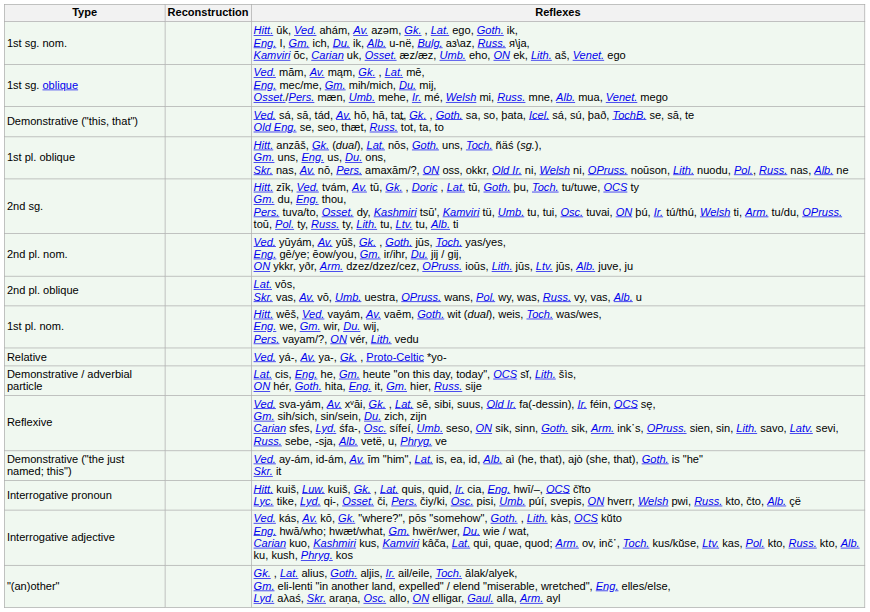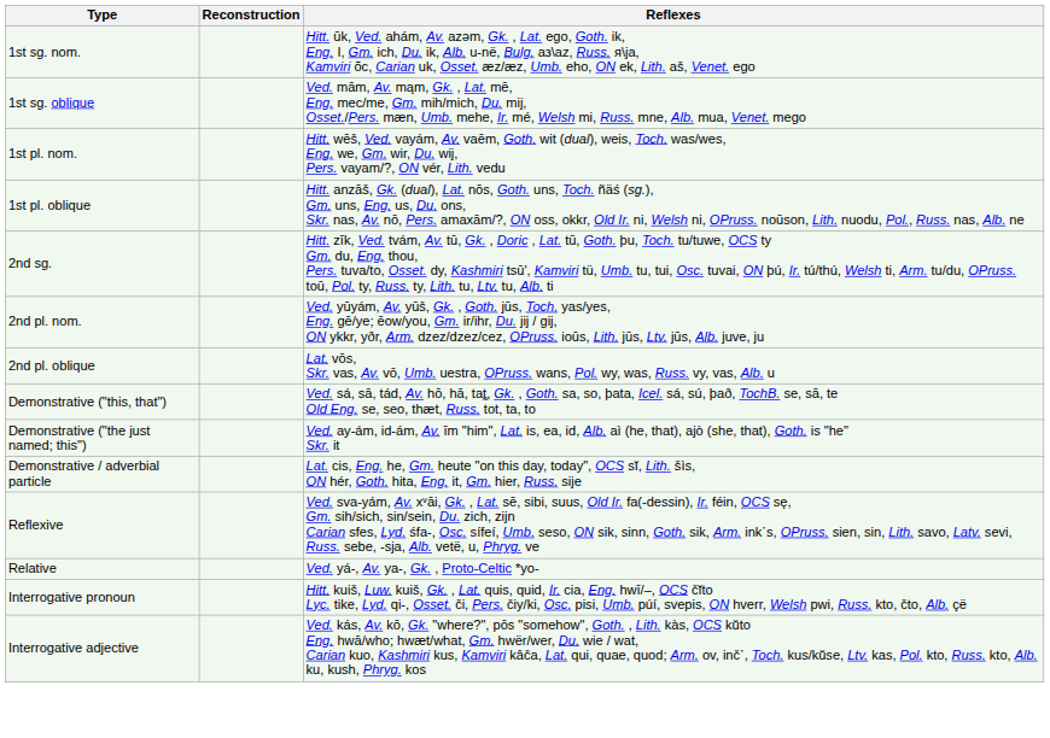 <table class="wikitable" style="background-color:#f0f8f0; border: 2px">
 <tr>
 <th>Type</th>
 <th>Reconstruction</th>
 <th>Reflexes</th>
 </tr>
 <tr>
 <td>1st sg. nom.</td>
 <td></td>
 <td><a href='#'><em>Hitt.</em></a> ūk, <a href='#'><em>Ved.</em></a> ahám, <a href='#'><em>Av.</em></a> azəm, <a href='#'><em>Gk.</em></a> , <a href='#'><em>Lat.</em></a> ego, <a href='#'><em>Goth.</em></a> ik,<br><a href='#'><em>Eng.</em></a> I, <a href='#'><em>Gm.</em></a> ich, <a href='#'><em>Du.</em></a> ik,  <a href='#'><em>Alb.</em></a> u-në, <a href='#'><em>Bulg.</em></a> аз\az, <a href='#'><em>Russ.</em></a> я\ja,<br><a href='#'><em>Kamviri</em></a> õc,  <a href='#'><em>Carian</em></a> uk, <a href='#'><em>Osset.</em></a> æz/æz, <a href='#'><em>Umb.</em></a> eho, <a href='#'><em>ON</em></a> ek, <a href='#'><em>Lith.</em></a> aš, <a href='#'><em>Venet.</em></a> ego</td>
 </tr>
 <tr>
 <td>1st sg. <a href='#'>oblique</a></td>
 <td></td>
 <td><a href='#'><em>Ved.</em></a> mām, <a href='#'><em>Av.</em></a> mąm, <a href='#'><em>Gk.</em></a> , <a href='#'><em>Lat.</em></a> mē,<br><a href='#'><em>Eng.</em></a>  mec/me, <a href='#'><em>Gm.</em></a> mih/mich, <a href='#'><em>Du.</em></a> mij,<br><a href='#'><em>Osset.</em></a>/<a href='#'><em>Pers.</em></a> mæn, <a href='#'><em>Umb.</em></a> mehe, <a href='#'><em>Ir.</em></a>  mé, <a href='#'><em>Welsh</em></a> mi, <a href='#'><em>Russ.</em></a> mne, <a href='#'><em>Alb.</em></a> mua, <a href='#'><em>Venet.</em></a> mego</td>
 </tr>
 <tr>
-<td>Demonstrative ("this, that")</td>
+<td>1st pl. nom.</td>
 <td></td>
-<td><a href='#'><em>Ved.</em></a> sá, sā, tád, <a href='#'><em>Av.</em></a> hō, hā, tat̰, <a href='#'><em>Gk.</em></a> , <a href='#'><em>Goth.</em></a> sa, so, þata, <a href='#'><em>Icel.</em></a> sá, sú, það, <a href='#'><em>TochB.</em></a> se, sā, te<br><a href='#'><em>Old Eng.</em></a> se, seo, thæt, <a href='#'><em>Russ.</em></a> tot, ta, to</td>
+<td><a href='#'><em>Hitt.</em></a> wēš, <a href='#'><em>Ved.</em></a> vayám, <a href='#'><em>Av.</em></a> vaēm, <a href='#'><em>Goth.</em></a> wit (<em>dual</em>), weis, <a href='#'><em>Toch.</em></a> was/wes,<br><a href='#'><em>Eng.</em></a> we, <a href='#'><em>Gm.</em></a> wir, <a href='#'><em>Du.</em></a> wij,<br><a href='#'><em>Pers.</em></a> vayam/?, <a href='#'><em>ON</em></a> vér, <a href='#'><em>Lith.</em></a> vedu</td>
 </tr>
 <tr>
 <td>1st pl. oblique</td>
 <td></td>
 <td><a href='#'><em>Hitt.</em></a> anzāš, <a href='#'><em>Gk.</em></a>  (<em>dual</em>), <a href='#'><em>Lat.</em></a> nōs, <a href='#'><em>Goth.</em></a> uns, <a href='#'><em>Toch.</em></a> ñäś (<em>sg.</em>),<br><a href='#'><em>Gm.</em></a> uns, <a href='#'><em>Eng.</em></a> us, <a href='#'><em>Du.</em></a> ons,<br><a href='#'><em>Skr.</em></a> nas, <a href='#'><em>Av.</em></a> nō, <a href='#'><em>Pers.</em></a> amaxām/?, <a href='#'><em>ON</em></a> oss, okkr, <a href='#'><em>Old Ir.</em></a> ni, <a href='#'><em>Welsh</em></a> ni, <a href='#'><em>OPruss.</em></a> noūson, <a href='#'><em>Lith.</em></a> nuodu, <a href='#'><em>Pol.</em></a>, <a href='#'><em>Russ.</em></a> nas, <a href='#'><em>Alb.</em></a> ne</td>
 </tr>
 <tr>
 <td>2nd sg.</td>
 <td></td>
 <td><a href='#'><em>Hitt.</em></a> zīk, <a href='#'><em>Ved.</em></a> tvám, <a href='#'><em>Av.</em></a> tū, <a href='#'><em>Gk.</em></a> , <a href='#'><em>Doric</em></a> , <a href='#'><em>Lat.</em></a> tū, <a href='#'><em>Goth.</em></a> þu, <a href='#'><em>Toch.</em></a> tu/tuwe, <a href='#'><em>OCS</em></a> ty<br><a href='#'><em>Gm.</em></a> du, <a href='#'><em>Eng.</em></a> thou,<br><a href='#'><em>Pers.</em></a> tuva/to, <a href='#'><em>Osset.</em></a> dy, <em><a href='#'>Kashmiri</a></em> tsū', <em><a href='#'>Kamviri</a></em> tü, <a href='#'><em>Umb.</em></a> tu, tui, <a href='#'><em>Osc.</em></a> tuvai, <a href='#'><em>ON</em></a> þú, <a href='#'><em>Ir.</em></a> tú/thú, <a href='#'><em>Welsh</em></a> ti, <a href='#'><em>Arm.</em></a> tu/du, <a href='#'><em>OPruss.</em></a> toū, <a href='#'><em>Pol.</em></a> ty, <a href='#'><em>Russ.</em></a> ty, <a href='#'><em>Lith.</em></a> tu, <a href='#'><em>Ltv.</em></a> tu, <a href='#'><em>Alb.</em></a> ti</td>
 </tr>
 <tr>
 <td>2nd pl. nom.</td>
 <td></td>
 <td><a href='#'><em>Ved.</em></a> yūyám, <a href='#'><em>Av.</em></a> yūš, <a href='#'><em>Gk.</em></a> , <a href='#'><em>Goth.</em></a> jūs, <a href='#'><em>Toch.</em></a> yas/yes,<br><a href='#'><em>Eng.</em></a> gē/ye; ēow/you, <a href='#'><em>Gm.</em></a> ir/ihr, <a href='#'><em>Du.</em></a> jij / gij,<br><a href='#'><em>ON</em></a> ykkr, yðr, <a href='#'><em>Arm.</em></a> dzez/dzez/cez, <a href='#'><em>OPruss.</em></a> ioūs, <a href='#'><em>Lith.</em></a> jūs, <a href='#'><em>Ltv.</em></a> jūs, <a href='#'><em>Alb.</em></a> juve, ju</td>
 </tr>
 <tr>
 <td>2nd pl. oblique</td>
 <td></td>
 <td><a href='#'><em>Lat.</em></a> vōs,<br><a href='#'><em>Skr.</em></a> vas, <a href='#'><em>Av.</em></a> vō, <a href='#'><em>Umb.</em></a> uestra, <a href='#'><em>OPruss.</em></a> wans, <a href='#'><em>Pol.</em></a> wy, was, <a href='#'><em>Russ.</em></a> vy, vas, <a href='#'><em>Alb.</em></a> u</td>
 </tr>
 <tr>
-<td>1st pl. nom.</td>
+<td>Demonstrative ("this, that")</td>
 <td></td>
-<td><a href='#'><em>Hitt.</em></a> wēš, <a href='#'><em>Ved.</em></a> vayám, <a href='#'><em>Av.</em></a> vaēm, <a href='#'><em>Goth.</em></a> wit (<em>dual</em>), weis, <a href='#'><em>Toch.</em></a> was/wes,<br><a href='#'><em>Eng.</em></a> we, <a href='#'><em>Gm.</em></a> wir, <a href='#'><em>Du.</em></a> wij,<br><a href='#'><em>Pers.</em></a> vayam/?, <a href='#'><em>ON</em></a> vér, <a href='#'><em>Lith.</em></a> vedu</td>
+<td><a href='#'><em>Ved.</em></a> sá, sā, tád, <a href='#'><em>Av.</em></a> hō, hā, tat̰, <a href='#'><em>Gk.</em></a> , <a href='#'><em>Goth.</em></a> sa, so, þata, <a href='#'><em>Icel.</em></a> sá, sú, það, <a href='#'><em>TochB.</em></a> se, sā, te<br><a href='#'><em>Old Eng.</em></a> se, seo, thæt, <a href='#'><em>Russ.</em></a> tot, ta, to</td>
 </tr>
 <tr>
-<td>Relative</td>
+<td>Demonstrative ("the just named; this")</td>
 <td></td>
-<td><a href='#'><em>Ved.</em></a> yá-, <a href='#'><em>Av.</em></a> ya-, <a href='#'><em>Gk.</em></a> , <a href='#'>Proto-Celtic</a> *yo-</td>
+<td><a href='#'><em>Ved.</em></a> ay-ám, id-ám, <a href='#'><em>Av.</em></a> īm "him", <a href='#'><em>Lat.</em></a> is, ea, id, <a href='#'><em>Alb.</em></a> aì (he, that), ajò (she, that), <a href='#'><em>Goth.</em></a> is "he"<br><a href='#'><em>Skr.</em></a> it</td>
 </tr>
 <tr>
 <td>Demonstrative / adverbial particle</td>
 <td></td>
 <td><a href='#'><em>Lat.</em></a> cis, <a href='#'><em>Eng.</em></a> he, <a href='#'><em>Gm.</em></a> heute "on this day, today", <a href='#'><em>OCS</em></a> sĭ, <a href='#'><em>Lith.</em></a> šìs,<br><a href='#'><em>ON</em></a> hér, <a href='#'><em>Goth.</em></a> hita, <a href='#'><em>Eng.</em></a> it, <a href='#'><em>Gm.</em></a> hier, <a href='#'><em>Russ.</em></a> sije</td>
 </tr>
 <tr>
 <td>Reflexive</td>
 <td></td>
 <td><a href='#'><em>Ved.</em></a> sva-yám, <a href='#'><em>Av.</em></a> xᵛāi, <a href='#'><em>Gk.</em></a> , <a href='#'><em>Lat.</em></a> sē, sibi, suus, <a href='#'><em>Old Ir.</em></a> fa(-dessin), <a href='#'><em>Ir.</em></a> féin, <a href='#'><em>OCS</em></a> sę,<br><a href='#'><em>Gm.</em></a> sih/sich, sin/sein, <a href='#'><em>Du.</em></a> zich, zijn<br><a href='#'><em>Carian</em></a> sfes, <a href='#'><em>Lyd.</em></a> śfa-, <a href='#'><em>Osc.</em></a> sífeí, <a href='#'><em>Umb.</em></a> seso, <a href='#'><em>ON</em></a> sik, sinn, <a href='#'><em>Goth.</em></a> sik, <a href='#'><em>Arm.</em></a> ink῾s, <a href='#'><em>OPruss.</em></a> sien, sin, <a href='#'><em>Lith.</em></a> savo, <a href='#'><em>Latv.</em></a> sevi, <a href='#'><em>Russ.</em></a> sebe, -sja, <a href='#'><em>Alb.</em></a> vetë, u, <a href='#'><em>Phryg.</em></a> ve</td>
 </tr>
 <tr>
-<td>Demonstrative ("the just named; this")</td>
+<td>Relative</td>
 <td></td>
-<td><a href='#'><em>Ved.</em></a> ay-ám, id-ám, <a href='#'><em>Av.</em></a> īm "him", <a href='#'><em>Lat.</em></a> is, ea, id, <a href='#'><em>Alb.</em></a> aì (he, that), ajò (she, that), <a href='#'><em>Goth.</em></a> is "he"<br><a href='#'><em>Skr.</em></a> it</td>
+<td><a href='#'><em>Ved.</em></a> yá-, <a href='#'><em>Av.</em></a> ya-, <a href='#'><em>Gk.</em></a> , <a href='#'>Proto-Celtic</a> *yo-</td>
 </tr>
 <tr>
 <td>Interrogative pronoun</td>
 <td></td>
 <td><a href='#'><em>Hitt.</em></a> kuiš, <a href='#'><em>Luw.</em></a> kuiš, <a href='#'><em>Gk.</em></a> , <a href='#'><em>Lat.</em></a> quis, quid, <a href='#'><em>Ir.</em></a> cia, <a href='#'><em>Eng.</em></a> hwī/–, <a href='#'><em>OCS</em></a> čĭto<br><a href='#'><em>Lyc.</em></a> tike, <a href='#'><em>Lyd.</em></a> qi-, <a href='#'><em>Osset.</em></a> či, <a href='#'><em>Pers.</em></a> čiy/ki, <a href='#'><em>Osc.</em></a> pisi, <a href='#'><em>Umb.</em></a> púí, svepis, <a href='#'><em>ON</em></a> hverr, <a href='#'><em>Welsh</em></a> pwi, <a href='#'><em>Russ.</em></a> kto, čto, <a href='#'><em>Alb.</em></a> çë</td>
 </tr>
 <tr>
 <td>Interrogative adjective</td>
 <td></td>
 <td><a href='#'><em>Ved.</em></a> kás, <a href='#'><em>Av.</em></a> kō, <a href='#'><em>Gk.</em></a>  "where?", pōs "somehow", <a href='#'><em>Goth.</em></a> , <a href='#'><em>Lith.</em></a> kàs, <a href='#'><em>OCS</em></a> kŭto<br><a href='#'><em>Eng.</em></a> hwā/who; hwæt/what, <a href='#'><em>Gm.</em></a> hwër/wer, <a href='#'><em>Du.</em></a> wie / wat,<br><a href='#'><em>Carian</em></a> kuo, <em><a href='#'>Kashmiri</a></em> kus, <em><a href='#'>Kamviri</a></em> kâča, <a href='#'><em>Lat.</em></a> qui, quae, quod; <a href='#'><em>Arm.</em></a> ov, inč῾, <a href='#'><em>Toch.</em></a> kus/kŭse, <a href='#'><em>Ltv.</em></a> kas, <a href='#'><em>Pol.</em></a> kto, <a href='#'><em>Russ.</em></a> kto, <a href='#'><em>Alb.</em></a> ku, kush, <a href='#'><em>Phryg.</em></a> kos</td>
 </tr>
-<tr>
-<td>"(an)other"</td>
-<td></td>
-<td><a href='#'><em>Gk.</em></a> , <a href='#'><em>Lat.</em></a> alius, <a href='#'><em>Goth.</em></a> aljis, <a href='#'><em>Ir.</em></a> ail/eile, <a href='#'><em>Toch.</em></a> ālak/alyek,<br><a href='#'><em>Gm.</em></a> eli-lenti "in another land, expelled" / elend "miserable, wretched", <a href='#'><em>Eng.</em></a> elles/else,<br><a href='#'><em>Lyd.</em></a> aλaś, <a href='#'><em>Skr.</em></a> araṇa, <a href='#'><em>Osc.</em></a> allo, <a href='#'><em>ON</em></a> elligar, <a href='#'><em>Gaul.</em></a> alla, <a href='#'><em>Arm.</em></a> ayl</td>
-</tr>
 </table>
